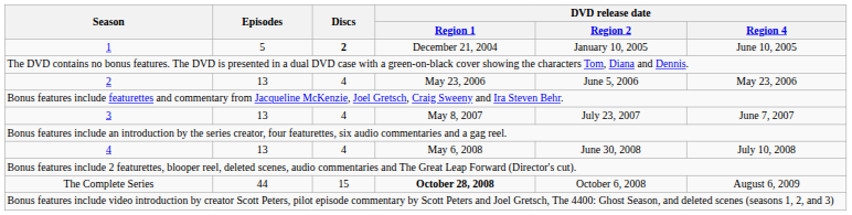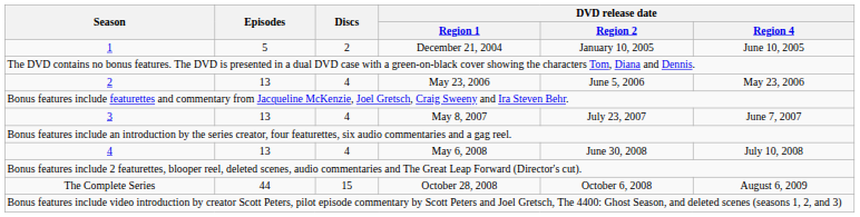 <table class="wikitable" style="width:99%;">
 <tr>
 <th rowspan="2">Season</th>
 <th rowspan="2">Episodes</th>
 <th rowspan="2">Discs</th>
 <th colspan="3">DVD release date</th>
 </tr>
 <tr>
 <th width=19%><a href='#'>Region 1</a></th>
 <th style="width:18%;"><a href='#'>Region 2</a></th>
 <th style="width:19%;"><a href='#'>Region 4</a></th>
 </tr>
 <tr>
 <td style="text-align:center;"><a href='#'>1</a></td>
 <td style="text-align:center;">5</td>
-<td style="text-align:center;"><strong>2</strong></td>
+<td style="text-align:center;">2</td>
 <td style="text-align:center;">December 21, 2004</td>
 <td style="text-align:center;">January 10, 2005</td>
 <td style="text-align:center;">June 10, 2005</td>
 </tr>
 <tr>
 <td colspan="6">The DVD contains no bonus features. The DVD is presented in a dual DVD case with a green-on-black cover showing the characters <a href='#'>Tom</a>, <a href='#'>Diana</a> and <a href='#'>Dennis</a>.</td>
 </tr>
 <tr>
 <td style="text-align:center;"><a href='#'>2</a></td>
 <td style="text-align:center;">13</td>
 <td style="text-align:center;">4</td>
 <td style="text-align:center;">May 23, 2006</td>
 <td style="text-align:center;">June 5, 2006</td>
 <td style="text-align:center;">May 23, 2006</td>
 </tr>
 <tr>
 <td colspan="6">Bonus features include <a href='#'>featurettes</a> and commentary from <a href='#'>Jacqueline McKenzie</a>, <a href='#'>Joel Gretsch</a>, <a href='#'>Craig Sweeny</a> and <a href='#'>Ira Steven Behr</a>.</td>
 </tr>
 <tr>
 <td style="text-align:center;"><a href='#'>3</a></td>
 <td style="text-align:center;">13</td>
 <td style="text-align:center;">4</td>
 <td style="text-align:center;">May 8, 2007</td>
 <td style="text-align:center;">July 23, 2007</td>
 <td style="text-align:center;">June 7, 2007</td>
 </tr>
 <tr>
 <td colspan="6">Bonus features include an introduction by the series creator, four featurettes, six audio commentaries and a gag reel.</td>
 </tr>
 <tr>
 <td style="text-align:center;"><a href='#'>4</a></td>
 <td style="text-align:center;">13</td>
 <td style="text-align:center;">4</td>
 <td style="text-align:center;">May 6, 2008</td>
 <td style="text-align:center;">June 30, 2008</td>
 <td style="text-align:center;">July 10, 2008</td>
 </tr>
 <tr>
 <td colspan="6">Bonus features include 2 featurettes, blooper reel, deleted scenes, audio commentaries and The Great Leap Forward (Director's cut).</td>
 </tr>
 <tr style="text-align:center;">
 <td>The Complete Series</td>
 <td>44</td>
 <td>15</td>
-<td><strong>October 28, 2008</strong></td>
+<td>October 28, 2008</td>
 <td>October 6, 2008</td>
 <td>August 6, 2009</td>
 </tr>
 <tr>
 <td colspan="6">Bonus features include video introduction by creator Scott Peters, pilot episode commentary by Scott Peters and Joel Gretsch, The 4400: Ghost Season, and deleted scenes (seasons 1, 2, and 3)</td>
 </tr>
 </table>
